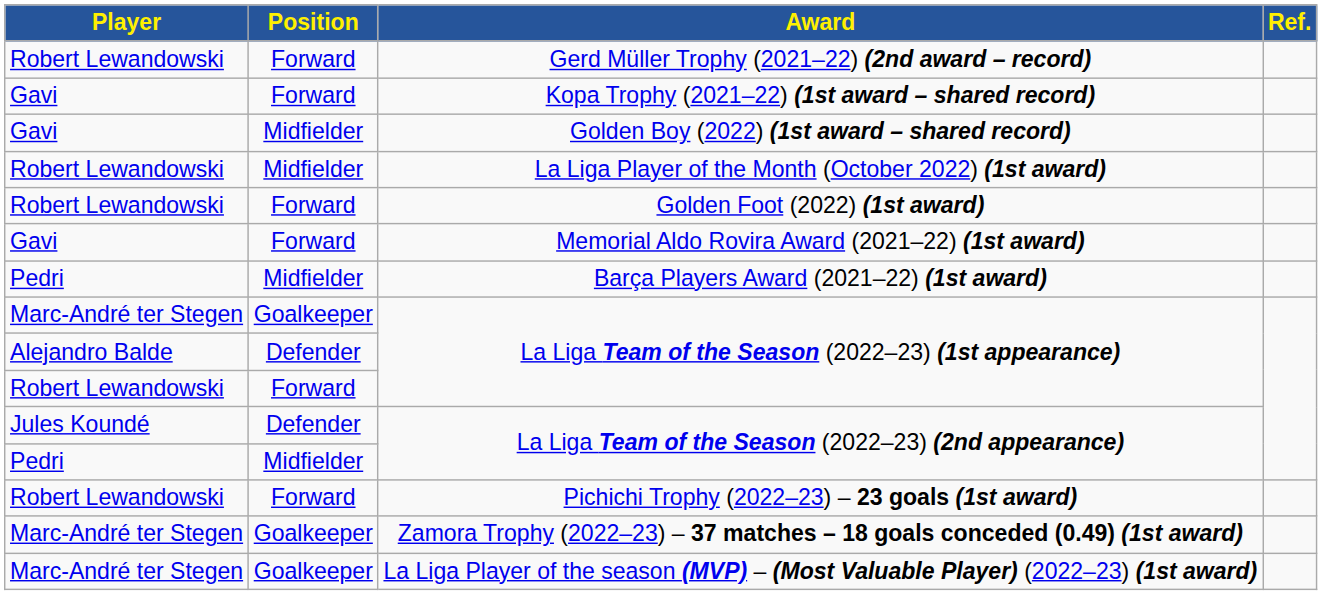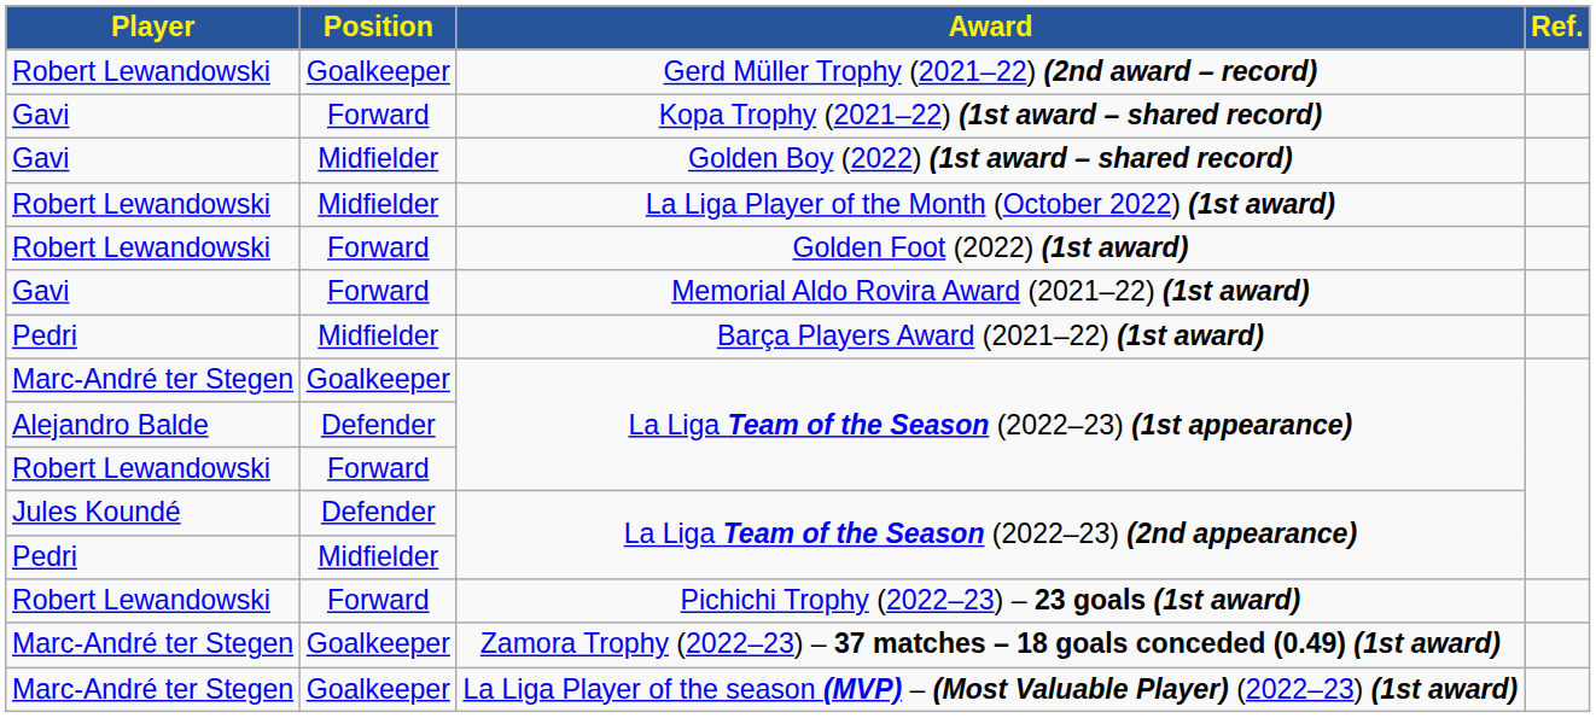 <table class="wikitable">
 <tr>
 <th style="background:#26559B; color:#FFF000; ">Player</th>
 <th style="background:#26559B; color:#FFF000; ">Position</th>
 <th style="background:#26559B; color:#FFF000; ">Award</th>
 <th style="background:#26559B; color:#FFF000; ">Ref.</th>
 </tr>
 <tr>
 <td> <a href='#'>Robert Lewandowski</a></td>
-<td align="center"><a href='#'>Forward</a></td>
+<td align="center"><a href='#'>Goalkeeper</a></td>
 <td align="center"><a href='#'>Gerd Müller Trophy</a> (<a href='#'>2021–22</a>) <strong><em>(2nd award – record)</em></strong></td>
 <td align="center"></td>
 </tr>
 <tr>
 <td> <a href='#'>Gavi</a></td>
 <td align="center"><a href='#'>Forward</a></td>
 <td align="center"><a href='#'>Kopa Trophy</a> (<a href='#'>2021–22</a>) <strong><em>(1st award – shared record)</em></strong></td>
 <td align="center"></td>
 </tr>
 <tr>
 <td> <a href='#'>Gavi</a></td>
 <td align="center"><a href='#'>Midfielder</a></td>
 <td align="center"><a href='#'>Golden Boy</a> (<a href='#'>2022</a>) <strong><em>(1st award – shared record)</em></strong></td>
 <td align="center"></td>
 </tr>
 <tr>
 <td> <a href='#'>Robert Lewandowski</a></td>
 <td align="center"><a href='#'>Midfielder</a></td>
 <td align="center"><a href='#'>La Liga Player of the Month</a> (<a href='#'>October 2022</a>) <strong><em>(1st award)</em></strong></td>
 <td align="center"></td>
 </tr>
 <tr>
 <td> <a href='#'>Robert Lewandowski</a></td>
 <td align="center"><a href='#'>Forward</a></td>
 <td align="center"><a href='#'>Golden Foot</a> (2022) <strong><em>(1st award)</em></strong></td>
 <td align="center"></td>
 </tr>
 <tr>
 <td> <a href='#'>Gavi</a></td>
 <td align="center"><a href='#'>Forward</a></td>
 <td align="center"><a href='#'>Memorial Aldo Rovira Award</a> (2021–22) <strong><em>(1st award)</em></strong></td>
 <td align="center"></td>
 </tr>
 <tr>
 <td> <a href='#'>Pedri</a></td>
 <td align="center"><a href='#'>Midfielder</a></td>
 <td align="center"><a href='#'>Barça Players Award</a> (2021–22) <strong><em>(1st award)</em></strong></td>
 <td align="center"></td>
 </tr>
 <tr>
 <td> <a href='#'>Marc-André ter Stegen</a></td>
 <td align="center"><a href='#'>Goalkeeper</a></td>
 <td align="center"; rowspan=3><a href='#'>La Liga <strong><em>Team of the Season</em></strong></a> (2022–23) <strong><em>(1st appearance)</em></strong></td>
 <td align="center"; rowspan=5></td>
 </tr>
 <tr>
 <td> <a href='#'>Alejandro Balde</a></td>
 <td align="center"><a href='#'>Defender</a></td>
 </tr>
 <tr>
 <td> <a href='#'>Robert Lewandowski</a></td>
 <td align="center"><a href='#'>Forward</a></td>
 </tr>
 <tr>
 <td> <a href='#'>Jules Koundé</a></td>
 <td align="center"><a href='#'>Defender</a></td>
 <td align="center"; rowspan=2><a href='#'>La Liga <strong><em>Team of the Season</em></strong></a> (2022–23) <strong><em>(2nd appearance)</em></strong></td>
 </tr>
 <tr>
 <td> <a href='#'>Pedri</a></td>
 <td align="center"><a href='#'>Midfielder</a></td>
 </tr>
 <tr>
 <td> <a href='#'>Robert Lewandowski</a></td>
 <td align="center"><a href='#'>Forward</a></td>
 <td align="center"><a href='#'>Pichichi Trophy</a> (<a href='#'>2022–23</a>) – <strong>23 goals</strong> <strong><em>(1st award)</em></strong></td>
 <td align="center"></td>
 </tr>
 <tr>
 <td> <a href='#'>Marc-André ter Stegen</a></td>
 <td align="center"><a href='#'>Goalkeeper</a></td>
 <td align="center"><a href='#'>Zamora Trophy</a> (<a href='#'>2022–23</a>) – <strong>37 matches – 18 goals conceded (0.49)</strong> <strong><em>(1st award)</em></strong></td>
 <td align="center"></td>
 </tr>
 <tr>
 <td> <a href='#'>Marc-André ter Stegen</a></td>
 <td align="center"><a href='#'>Goalkeeper</a></td>
 <td align="center"><a href='#'>La Liga Player of the season <strong><em>(MVP)</em></strong></a> – <strong><em>(Most Valuable Player)</em></strong> (<a href='#'>2022–23</a>) <strong><em>(1st award)</em></strong></td>
 <td align="center"></td>
 </tr>
 </table>
